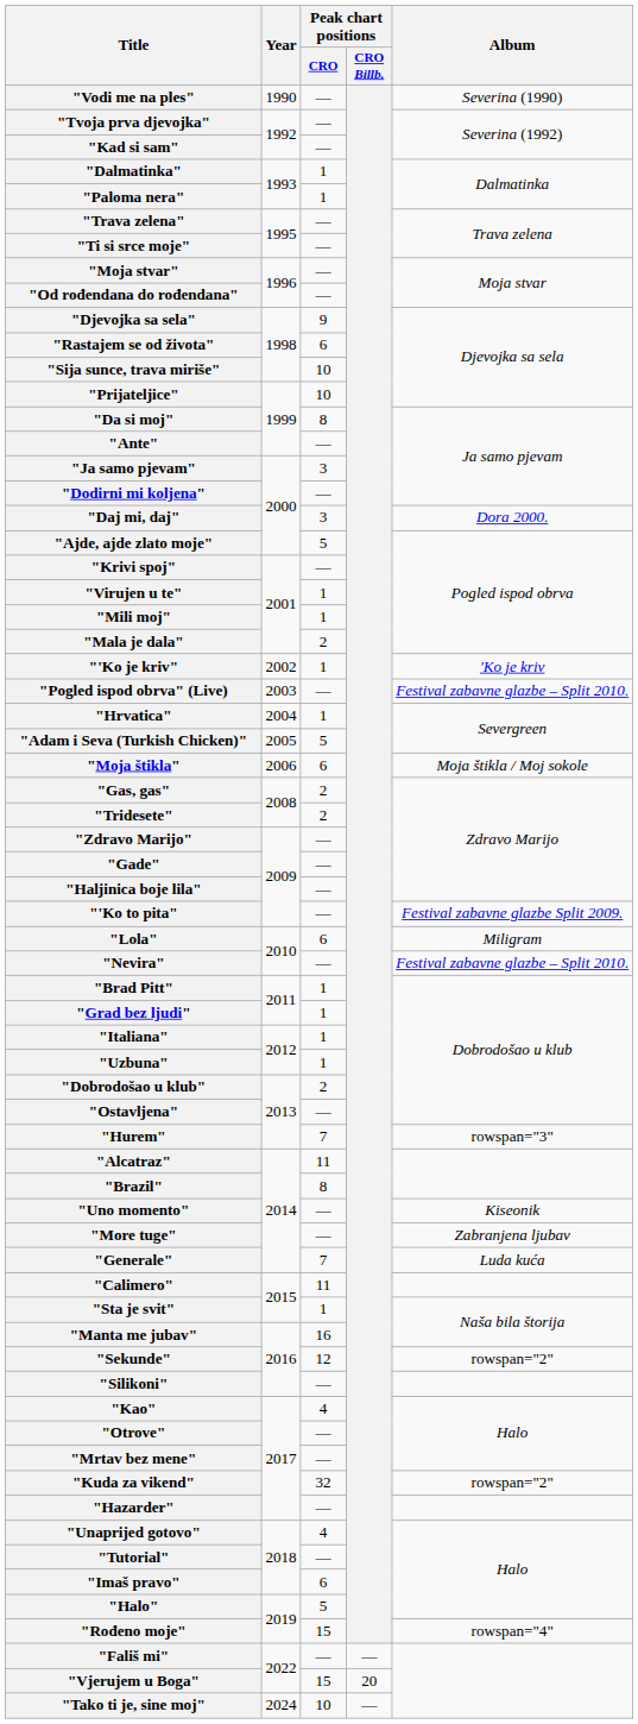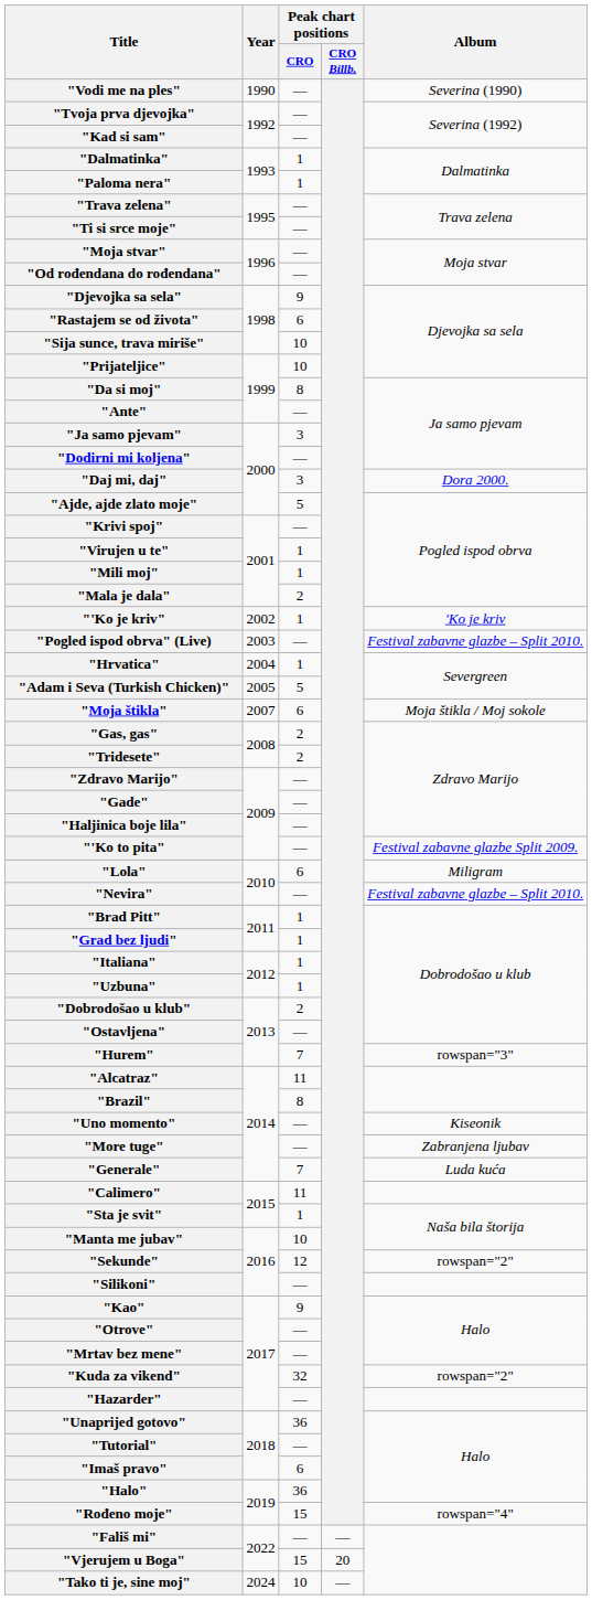 <table class="wikitable plainrowheaders" style="text-align:center;">
 <tr>
 <th scope="col" rowspan="2" style="width:16em;">Title</th>
 <th scope="col" rowspan="2" style="width:1em;">Year</th>
 <th scope="col" colspan="2">Peak chart positions</th>
 <th scope="col" rowspan="2">Album</th>
 </tr>
 <tr>
 <th scope="col" style="width:3em;font-size:85%;"><a href='#'>CRO</a><br></th>
 <th scope="col" style="width:3em;font-size:85%;"><a href='#'>CRO<br><em>Billb.</em></a><br></th>
 </tr>
 <tr>
 <th scope="row">"Vodi me na ples"</th>
 <td>1990</td>
 <td>—</td>
 <th scope rowspan="63"></th>
 <td><em>Severina</em> (1990)</td>
 </tr>
 <tr>
 <th scope="row">"Tvoja prva djevojka"</th>
 <td rowspan="2">1992</td>
 <td>—</td>
 <td rowspan="2"><em>Severina</em> (1992)</td>
 </tr>
 <tr>
 <th scope="row">"Kad si sam"</th>
 <td align="center">—</td>
 </tr>
 <tr>
 <th scope="row">"Dalmatinka"</th>
 <td rowspan="2">1993</td>
 <td>1</td>
 <td rowspan="2"><em>Dalmatinka</em></td>
 </tr>
 <tr>
 <th scope="row">"Paloma nera"</th>
 <td>1</td>
 </tr>
 <tr>
 <th scope="row">"Trava zelena"</th>
 <td rowspan="2">1995</td>
 <td>—</td>
 <td rowspan="2"><em>Trava zelena</em></td>
 </tr>
 <tr>
 <th scope="row">"Ti si srce moje"</th>
 <td align="center">—</td>
 </tr>
 <tr>
 <th scope="row">"Moja stvar"</th>
 <td rowspan="2">1996</td>
 <td>—</td>
 <td rowspan="2"><em>Moja stvar</em></td>
 </tr>
 <tr>
 <th scope="row">"Od rođendana do rođendana"</th>
 <td align="center">—</td>
 </tr>
 <tr>
 <th scope="row">"Djevojka sa sela"</th>
 <td rowspan="3">1998</td>
 <td>9</td>
 <td rowspan="4"><em>Djevojka sa sela</em></td>
 </tr>
 <tr>
 <th scope="row">"Rastajem se od života"<br></th>
 <td>6</td>
 </tr>
 <tr>
 <th scope="row">"Sija sunce, trava miriše"</th>
 <td>10</td>
 </tr>
 <tr>
 <th scope="row">"Prijateljice"</th>
 <td rowspan="3">1999</td>
 <td>10</td>
 </tr>
 <tr>
 <th scope="row">"Da si moj"</th>
 <td>8</td>
 <td rowspan="4"><em>Ja samo pjevam</em></td>
 </tr>
 <tr>
 <th scope="row">"Ante"</th>
 <td>—</td>
 </tr>
 <tr>
 <th scope="row">"Ja samo pjevam"</th>
 <td rowspan="4">2000</td>
 <td>3</td>
 </tr>
 <tr>
 <th scope="row">"<a href='#'>Dodirni mi koljena</a>"</th>
 <td>—</td>
 </tr>
 <tr>
 <th scope="row">"Daj mi, daj"</th>
 <td>3</td>
 <td><em><a href='#'>Dora 2000.</a></em></td>
 </tr>
 <tr>
 <th scope="row">"Ajde, ajde zlato moje"</th>
 <td>5</td>
 <td rowspan="5"><em>Pogled ispod obrva</em></td>
 </tr>
 <tr>
 <th scope="row">"Krivi spoj"</th>
 <td rowspan="4">2001</td>
 <td>—</td>
 </tr>
 <tr>
 <th scope="row">"Virujen u te"</th>
 <td>1</td>
 </tr>
 <tr>
 <th scope="row">"Mili moj"</th>
 <td>1</td>
 </tr>
 <tr>
 <th scope="row">"Mala je dala"</th>
 <td>2</td>
 </tr>
 <tr>
 <th scope="row">"'Ko je kriv"<br></th>
 <td>2002</td>
 <td>1</td>
 <td><em><a href='#'>'Ko je kriv</a></em></td>
 </tr>
 <tr>
 <th scope="row">"Pogled ispod obrva" (Live)</th>
 <td>2003</td>
 <td>—</td>
 <td><em><a href='#'>Festival zabavne glazbe – Split 2010.</a></em></td>
 </tr>
 <tr>
 <th scope="row">"Hrvatica"<br></th>
 <td>2004</td>
 <td>1</td>
 <td rowspan="2"><em>Severgreen</em></td>
 </tr>
 <tr>
 <th scope="row">"Adam i Seva (Turkish Chicken)"</th>
 <td>2005</td>
 <td>5</td>
 </tr>
 <tr>
 <th scope="row">"<a href='#'>Moja štikla</a>"</th>
-<td>2006</td>
+<td>2007</td>
 <td>6</td>
 <td><em>Moja štikla / Moj sokole</em></td>
 </tr>
 <tr>
 <th scope="row">"Gas, gas"</th>
 <td rowspan="2">2008</td>
 <td>2</td>
 <td rowspan="5"><em>Zdravo Marijo</em></td>
 </tr>
 <tr>
 <th scope="row">"Tridesete"</th>
 <td>2</td>
 </tr>
 <tr>
 <th scope="row">"Zdravo Marijo"</th>
 <td rowspan="4">2009</td>
 <td>—</td>
 </tr>
 <tr>
 <th scope="row">"Gade"</th>
 <td>—</td>
 </tr>
 <tr>
 <th scope="row">"Haljinica boje lila"</th>
 <td>—</td>
 </tr>
 <tr>
 <th scope="row">"'Ko to pita"</th>
 <td>—</td>
 <td><em><a href='#'>Festival zabavne glazbe Split 2009.</a></em></td>
 </tr>
 <tr>
 <th scope="row">"Lola"<br></th>
 <td rowspan="2">2010</td>
 <td>6</td>
 <td><em>Miligram</em></td>
 </tr>
 <tr>
 <th scope="row">"Nevira"</th>
 <td>—</td>
 <td><em><a href='#'>Festival zabavne glazbe – Split 2010.</a></em></td>
 </tr>
 <tr>
 <th scope="row">"Brad Pitt"</th>
 <td rowspan="2">2011</td>
 <td>1</td>
 <td rowspan="6"><em>Dobrodošao u klub</em></td>
 </tr>
 <tr>
 <th scope="row">"<a href='#'>Grad bez ljudi</a>"</th>
 <td>1</td>
 </tr>
 <tr>
 <th scope="row">"Italiana"<br></th>
 <td rowspan="2">2012</td>
 <td>1</td>
 </tr>
 <tr>
 <th scope="row">"Uzbuna"</th>
 <td>1</td>
 </tr>
 <tr>
 <th scope="row">"Dobrodošao u klub"</th>
 <td rowspan="3">2013</td>
 <td>2</td>
 </tr>
 <tr>
 <th scope="row">"Ostavljena"</th>
 <td>—</td>
 </tr>
 <tr>
 <th scope="row">"Hurem"</th>
 <td>7</td>
 <td>rowspan="3" </td>
 </tr>
 <tr>
 <th scope="row">"Alcatraz"</th>
 <td rowspan="5">2014</td>
 <td>11</td>
 </tr>
 <tr>
 <th scope="row">"Brazil"</th>
 <td>8</td>
 </tr>
 <tr>
 <th scope="row">"Uno momento"<br></th>
 <td>—</td>
 <td><em>Kiseonik</em></td>
 </tr>
 <tr>
 <th scope="row">"More tuge"<br></th>
 <td>—</td>
 <td><em>Zabranjena ljubav</em></td>
 </tr>
 <tr>
 <th scope="row">"Generale"<br></th>
 <td>7</td>
 <td><em>Luda kuća</em></td>
 </tr>
 <tr>
 <th scope="row">"Calimero"</th>
 <td rowspan="2">2015</td>
 <td>11</td>
 <td></td>
 </tr>
 <tr>
 <th scope="row">"Sta je svit"<br></th>
 <td>1</td>
 <td rowspan="2"><em>Naša bila štorija</em></td>
 </tr>
 <tr>
 <th scope="row">"Manta me jubav"<br></th>
 <td rowspan="3">2016</td>
-<td>16</td>
+<td>10</td>
 </tr>
 <tr>
 <th scope="row">"Sekunde"</th>
 <td>12</td>
 <td>rowspan="2" </td>
 </tr>
 <tr>
 <th scope="row">"Silikoni"<br></th>
 <td>—</td>
 </tr>
 <tr>
 <th scope="row">"Kao"</th>
 <td rowspan="5">2017</td>
-<td>4</td>
+<td>9</td>
 <td rowspan="3"><em>Halo</em></td>
 </tr>
 <tr>
 <th scope="row">"Otrove"<br></th>
 <td>—</td>
 </tr>
 <tr>
 <th scope="row">"Mrtav bez mene"</th>
 <td>—</td>
 </tr>
 <tr>
 <th scope="row">"Kuda za vikend"</th>
 <td>32</td>
 <td>rowspan="2" </td>
 </tr>
 <tr>
 <th scope="row">"Hazarder"<br></th>
 <td>—</td>
 </tr>
 <tr>
 <th scope="row">"Unaprijed gotovo"<br></th>
 <td rowspan="3">2018</td>
-<td>4</td>
+<td>36</td>
 <td rowspan="4"><em>Halo</em></td>
 </tr>
 <tr>
 <th scope="row">"Tutorial"<br></th>
 <td>—</td>
 </tr>
 <tr>
 <th scope="row">"Imaš pravo"</th>
 <td>6</td>
 </tr>
 <tr>
 <th scope="row">"Halo"</th>
 <td rowspan="2">2019</td>
-<td>5</td>
+<td>36</td>
 </tr>
 <tr>
 <th scope="row">"Rođeno moje"</th>
 <td>15</td>
 <td>rowspan="4" </td>
 </tr>
 <tr>
 <th scope="row">"Fališ mi"<br></th>
 <td rowspan="2">2022</td>
 <td>—</td>
 <td>—</td>
 </tr>
 <tr>
 <th scope="row">"Vjerujem u Boga"</th>
 <td>15</td>
 <td>20</td>
 </tr>
 <tr>
 <th scope="row">"Tako ti je, sine moj"</th>
 <td>2024</td>
 <td>10</td>
 <td>—</td>
 </tr>
 </table>
